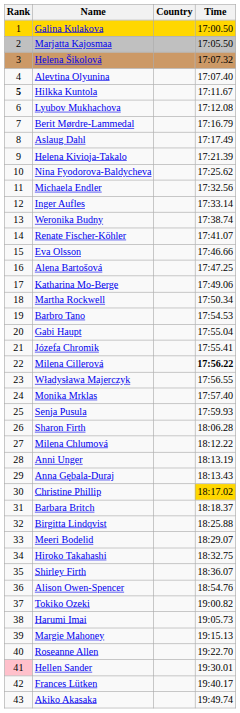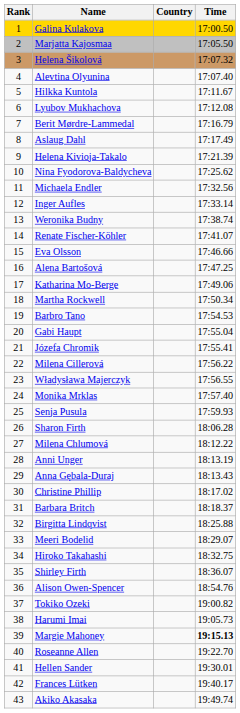 <table class="wikitable sortable" style="text-align:center">
 <tr>
 <th>Rank</th>
 <th>Name</th>
 <th>Country</th>
 <th>Time</th>
 </tr>
 <tr bgcolor=gold>
 <td>1</td>
 <td align="left"><a href='#'>Galina Kulakova</a></td>
 <td align="left"></td>
 <td>17:00.50</td>
 </tr>
 <tr bgcolor=silver>
 <td>2</td>
 <td align="left"><a href='#'>Marjatta Kajosmaa</a></td>
 <td align="left"></td>
 <td>17:05.50</td>
 </tr>
 <tr bgcolor=#CC9966>
 <td>3</td>
 <td align="left"><a href='#'>Helena Šikolová</a></td>
 <td align="left"></td>
 <td>17:07.32</td>
 </tr>
 <tr>
 <td>4</td>
 <td align="left"><a href='#'>Alevtina Olyunina</a></td>
 <td align="left"></td>
 <td>17:07.40</td>
 </tr>
 <tr>
-<td><strong>5</strong></td>
+<td>5</td>
 <td align="left"><a href='#'>Hilkka Kuntola</a></td>
 <td align="left"></td>
 <td>17:11.67</td>
 </tr>
 <tr>
 <td>6</td>
 <td align="left"><a href='#'>Lyubov Mukhachova</a></td>
 <td align="left"></td>
 <td>17:12.08</td>
 </tr>
 <tr>
 <td>7</td>
 <td align="left"><a href='#'>Berit Mørdre-Lammedal</a></td>
 <td align="left"></td>
 <td>17:16.79</td>
 </tr>
 <tr>
 <td>8</td>
 <td align="left"><a href='#'>Aslaug Dahl</a></td>
 <td align="left"></td>
 <td>17:17.49</td>
 </tr>
 <tr>
 <td>9</td>
 <td align="left"><a href='#'>Helena Kivioja-Takalo</a></td>
 <td align="left"></td>
 <td>17:21.39</td>
 </tr>
 <tr>
 <td>10</td>
 <td align="left"><a href='#'>Nina Fyodorova-Baldycheva</a></td>
 <td align="left"></td>
 <td>17:25.62</td>
 </tr>
 <tr>
 <td>11</td>
 <td align="left"><a href='#'>Michaela Endler</a></td>
 <td align="left"></td>
 <td>17:32.56</td>
 </tr>
 <tr>
 <td>12</td>
 <td align="left"><a href='#'>Inger Aufles</a></td>
 <td align="left"></td>
 <td>17:33.14</td>
 </tr>
 <tr>
 <td>13</td>
 <td align="left"><a href='#'>Weronika Budny</a></td>
 <td align="left"></td>
 <td>17:38.74</td>
 </tr>
 <tr>
 <td>14</td>
 <td align="left"><a href='#'>Renate Fischer-Köhler</a></td>
 <td align="left"></td>
 <td>17:41.07</td>
 </tr>
 <tr>
 <td>15</td>
 <td align="left"><a href='#'>Eva Olsson</a></td>
 <td align="left"></td>
 <td>17:46.66</td>
 </tr>
 <tr>
 <td>16</td>
 <td align="left"><a href='#'>Alena Bartošová</a></td>
 <td align="left"></td>
 <td>17:47.25</td>
 </tr>
 <tr>
 <td>17</td>
 <td align="left"><a href='#'>Katharina Mo-Berge</a></td>
 <td align="left"></td>
 <td>17:49.06</td>
 </tr>
 <tr>
 <td>18</td>
 <td align="left"><a href='#'>Martha Rockwell</a></td>
 <td align="left"></td>
 <td>17:50.34</td>
 </tr>
 <tr>
 <td>19</td>
 <td align="left"><a href='#'>Barbro Tano</a></td>
 <td align="left"></td>
 <td>17:54.53</td>
 </tr>
 <tr>
 <td>20</td>
 <td align="left"><a href='#'>Gabi Haupt</a></td>
 <td align="left"></td>
 <td>17:55.04</td>
 </tr>
 <tr>
 <td>21</td>
 <td align="left"><a href='#'>Józefa Chromik</a></td>
 <td align="left"></td>
 <td>17:55.41</td>
 </tr>
 <tr>
 <td>22</td>
 <td align="left"><a href='#'>Milena Cillerová</a></td>
 <td align="left"></td>
-<td><strong>17:56.22</strong></td>
+<td>17:56.22</td>
 </tr>
 <tr>
 <td>23</td>
 <td align="left"><a href='#'>Władysława Majerczyk</a></td>
 <td align="left"></td>
 <td>17:56.55</td>
 </tr>
 <tr>
 <td>24</td>
 <td align="left"><a href='#'>Monika Mrklas</a></td>
 <td align="left"></td>
 <td>17:57.40</td>
 </tr>
 <tr>
 <td>25</td>
 <td align="left"><a href='#'>Senja Pusula</a></td>
 <td align="left"></td>
 <td>17:59.93</td>
 </tr>
 <tr>
 <td>26</td>
 <td align="left"><a href='#'>Sharon Firth</a></td>
 <td align="left"></td>
 <td>18:06.28</td>
 </tr>
 <tr>
 <td>27</td>
 <td align="left"><a href='#'>Milena Chlumová</a></td>
 <td align="left"></td>
 <td>18:12.22</td>
 </tr>
 <tr>
 <td>28</td>
 <td align="left"><a href='#'>Anni Unger</a></td>
 <td align="left"></td>
 <td>18:13.19</td>
 </tr>
 <tr>
 <td>29</td>
 <td align="left"><a href='#'>Anna Gębala-Duraj</a></td>
 <td align="left"></td>
 <td>18:13.43</td>
 </tr>
 <tr>
 <td>30</td>
 <td align="left"><a href='#'>Christine Phillip</a></td>
 <td align="left"></td>
-<td style="background: gold;">18:17.02</td>
+<td>18:17.02</td>
 </tr>
 <tr>
 <td>31</td>
 <td align="left"><a href='#'>Barbara Britch</a></td>
 <td align="left"></td>
 <td>18:18.37</td>
 </tr>
 <tr>
 <td>32</td>
 <td align="left"><a href='#'>Birgitta Lindqvist</a></td>
 <td align="left"></td>
 <td>18:25.88</td>
 </tr>
 <tr>
 <td>33</td>
 <td align="left"><a href='#'>Meeri Bodelid</a></td>
 <td align="left"></td>
 <td>18:29.07</td>
 </tr>
 <tr>
 <td>34</td>
 <td align="left"><a href='#'>Hiroko Takahashi</a></td>
 <td align="left"></td>
 <td>18:32.75</td>
 </tr>
 <tr>
 <td>35</td>
 <td align="left"><a href='#'>Shirley Firth</a></td>
 <td align="left"></td>
 <td>18:36.07</td>
 </tr>
 <tr>
 <td>36</td>
 <td align="left"><a href='#'>Alison Owen-Spencer</a></td>
 <td align="left"></td>
 <td>18:54.76</td>
 </tr>
 <tr>
 <td>37</td>
 <td align="left"><a href='#'>Tokiko Ozeki</a></td>
 <td align="left"></td>
 <td>19:00.82</td>
 </tr>
 <tr>
 <td>38</td>
 <td align="left"><a href='#'>Harumi Imai</a></td>
 <td align="left"></td>
 <td>19:05.73</td>
 </tr>
 <tr>
 <td>39</td>
 <td align="left"><a href='#'>Margie Mahoney</a></td>
 <td align="left"></td>
-<td>19:15.13</td>
+<td><strong>19:15.13</strong></td>
 </tr>
 <tr>
 <td>40</td>
 <td align="left"><a href='#'>Roseanne Allen</a></td>
 <td align="left"></td>
 <td>19:22.70</td>
 </tr>
 <tr>
-<td style="background: pink;">41</td>
+<td>41</td>
 <td align="left"><a href='#'>Hellen Sander</a></td>
 <td align="left"></td>
 <td>19:30.01</td>
 </tr>
 <tr>
 <td>42</td>
 <td align="left"><a href='#'>Frances Lütken</a></td>
 <td align="left"></td>
 <td>19:40.17</td>
 </tr>
 <tr>
 <td>43</td>
 <td align="left"><a href='#'>Akiko Akasaka</a></td>
 <td align="left"></td>
 <td>19:49.74</td>
 </tr>
 </table>
